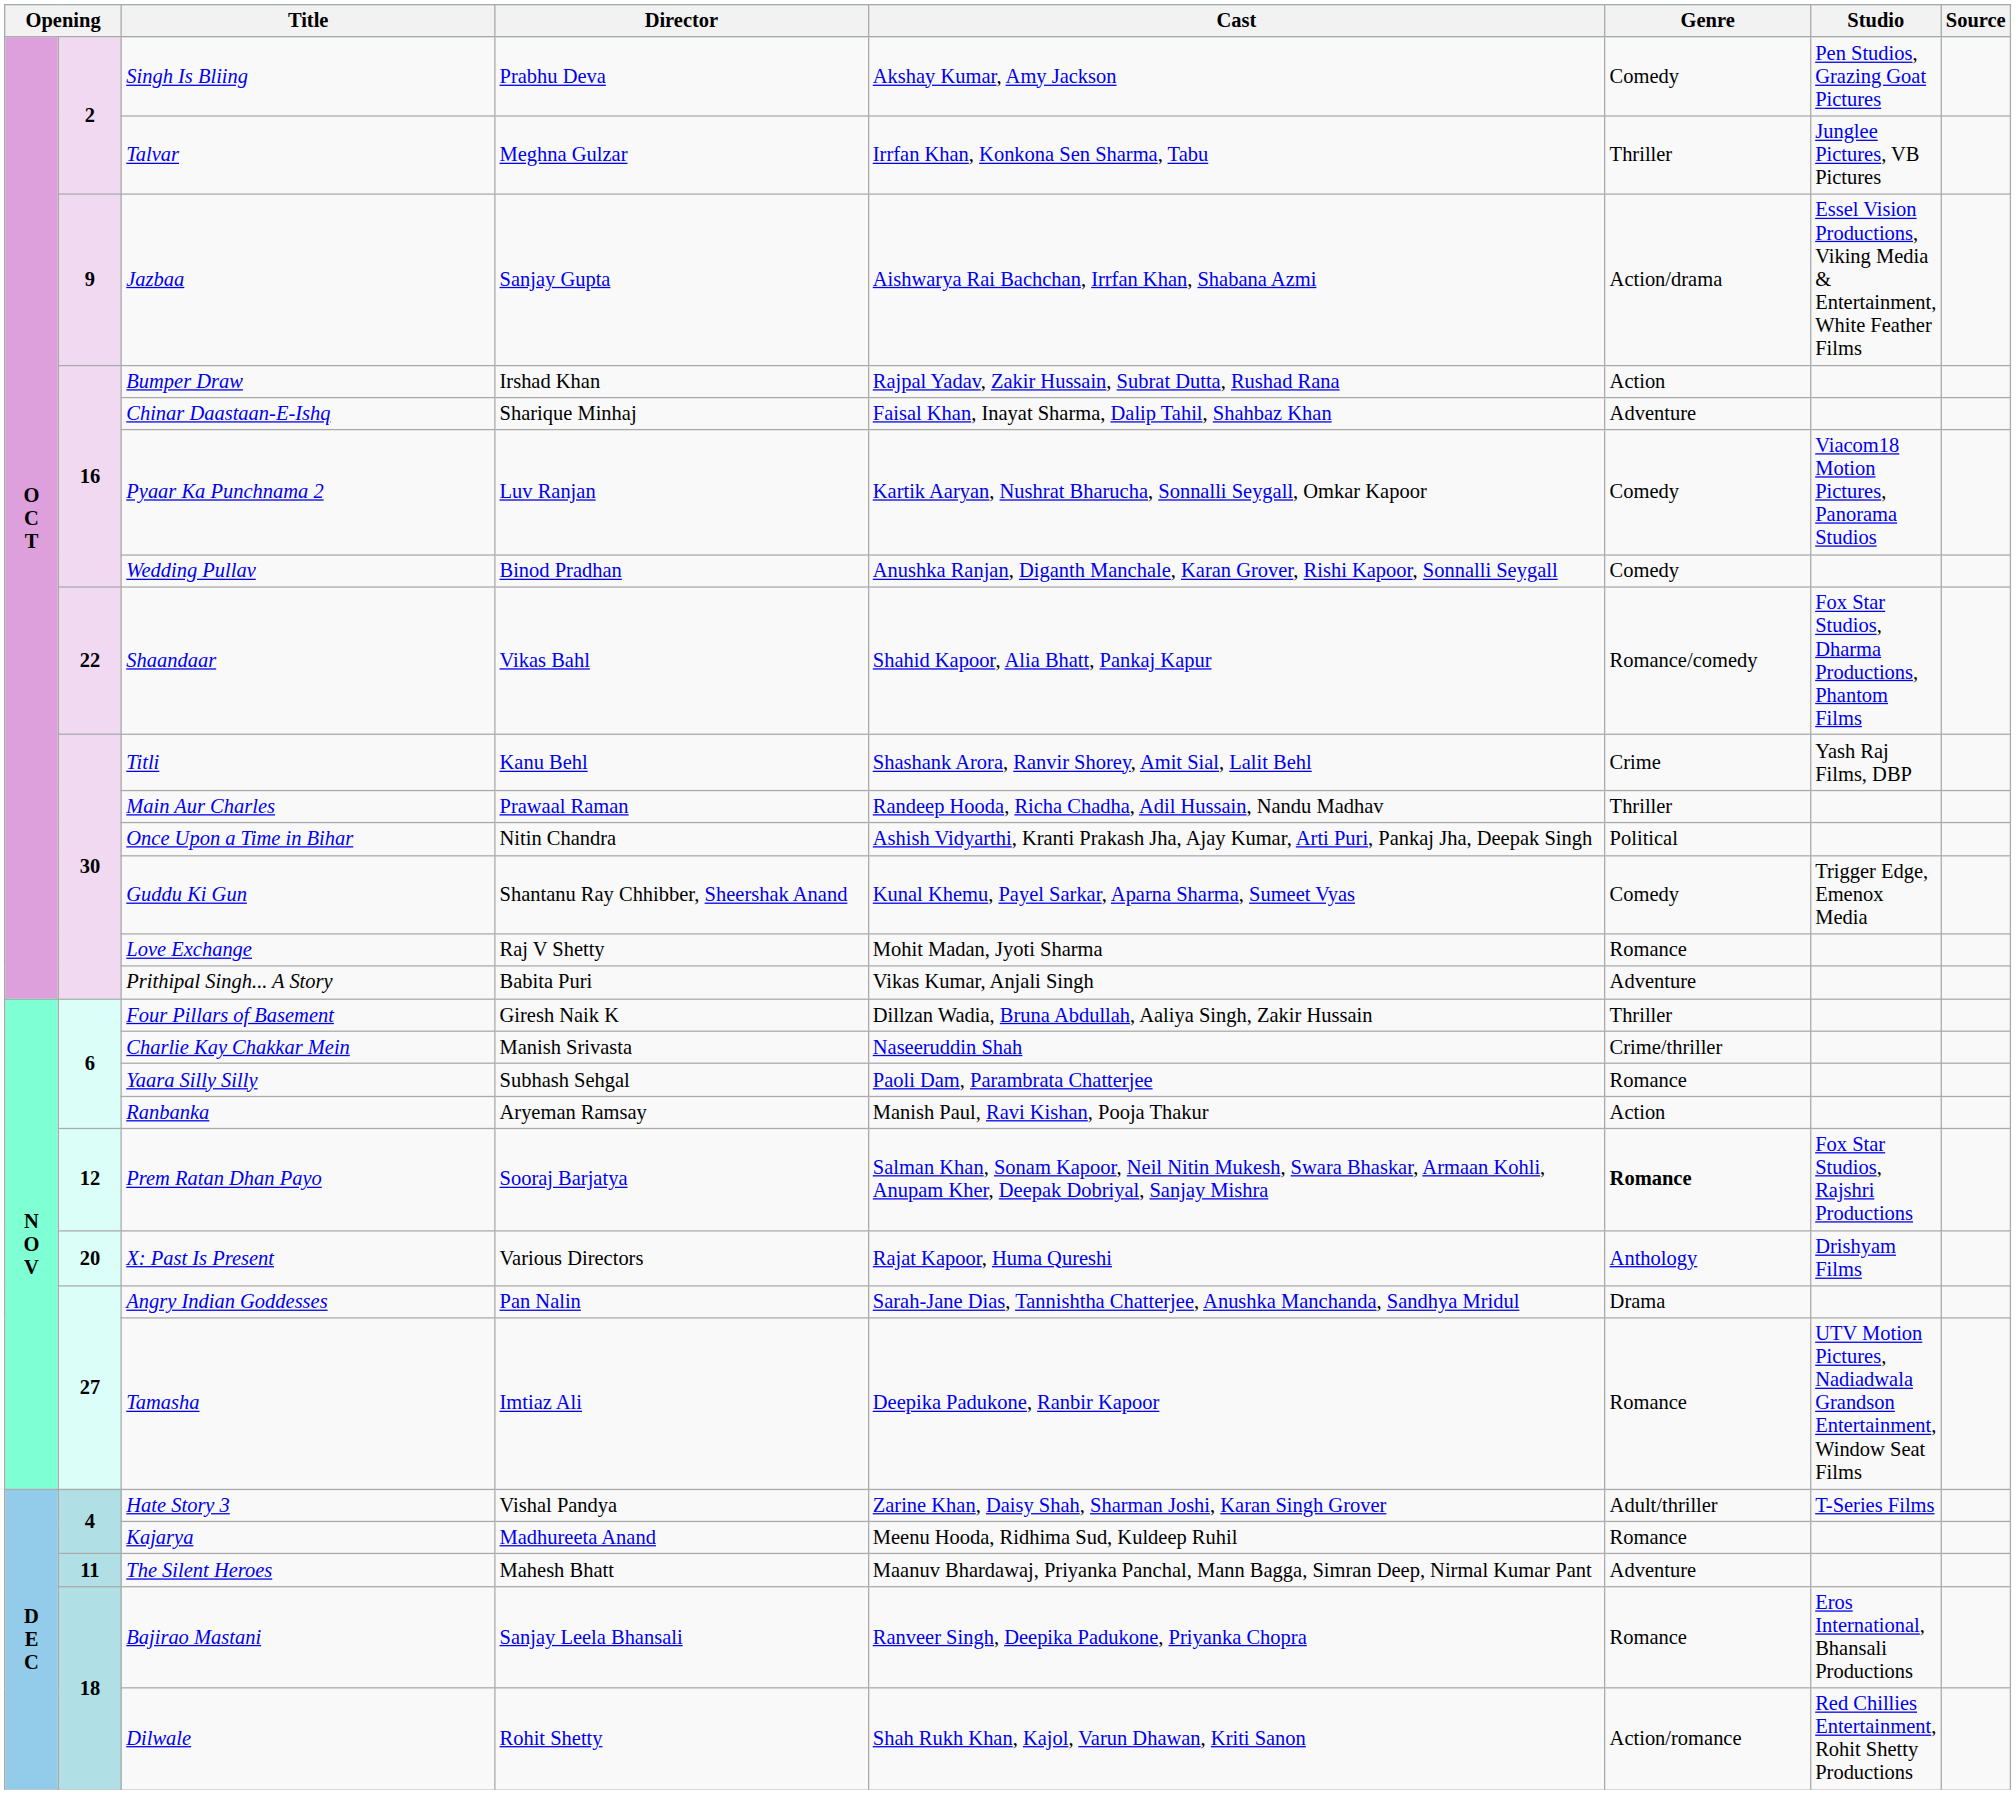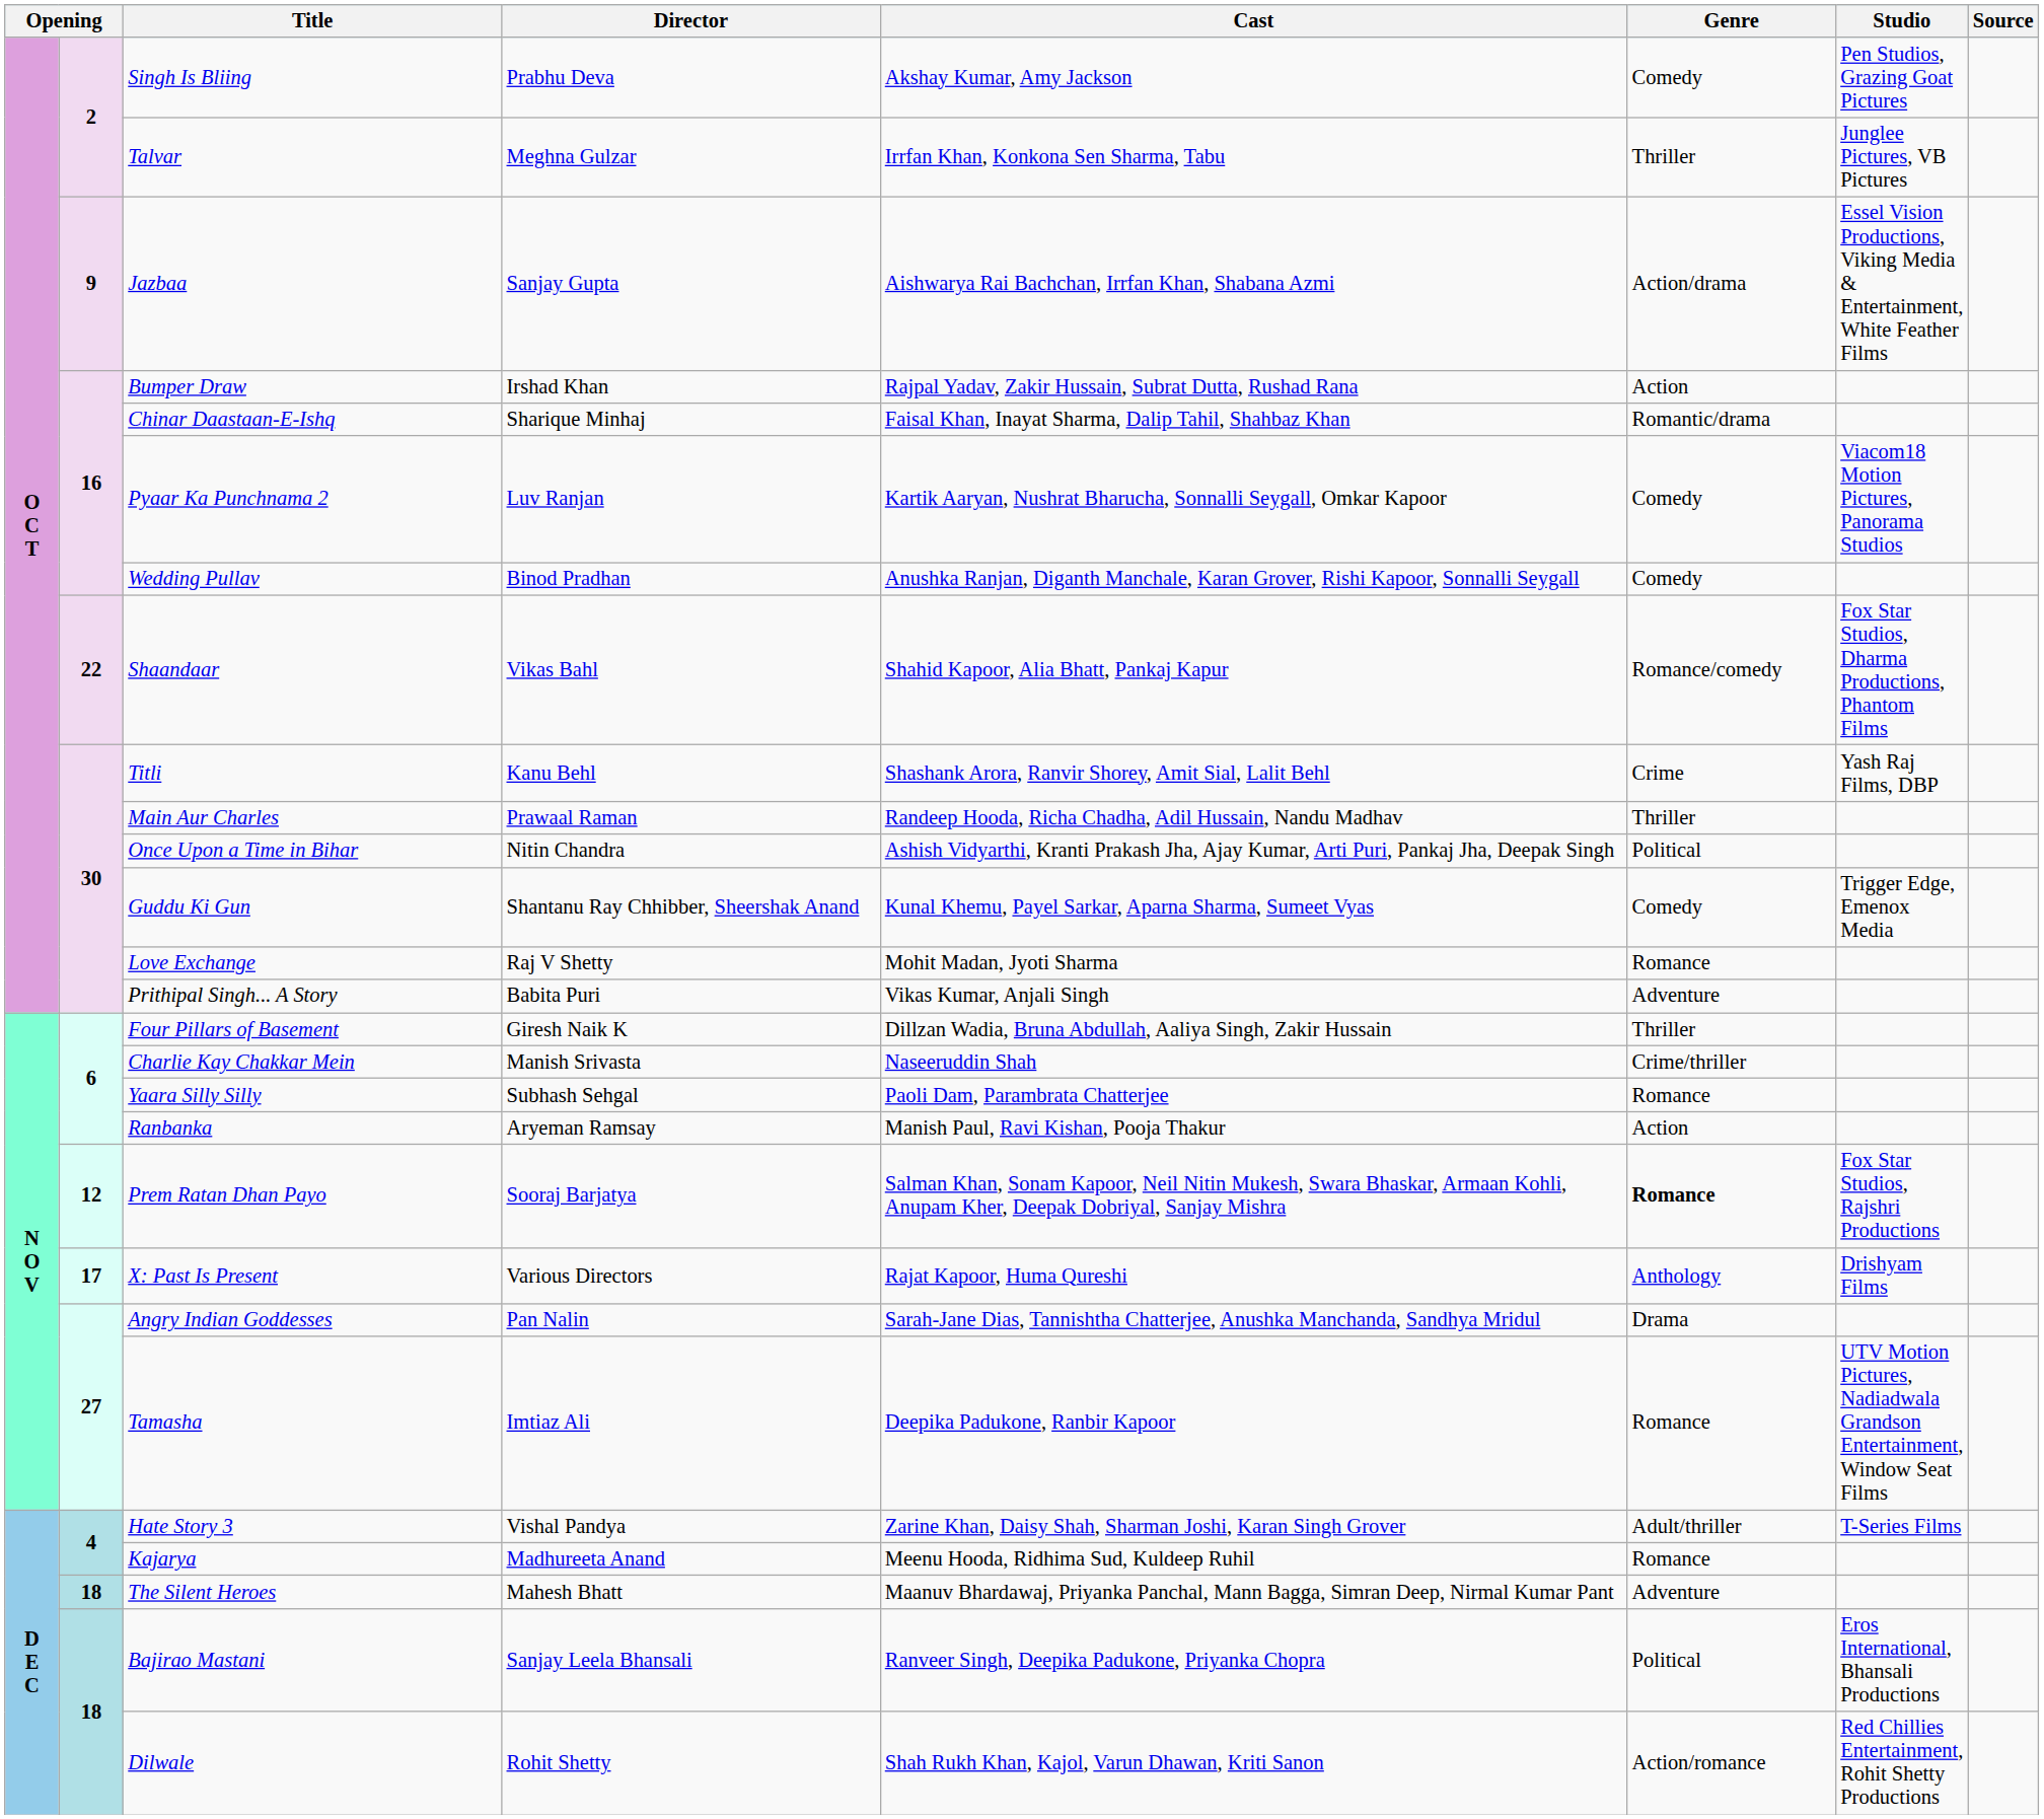 <table class="wikitable">
 <tr style="background:#b0e0e6; text-align:center;">
 <th colspan="2" style="width:6%;"><strong>Opening</strong></th>
 <th style="width:20%;"><strong>Title</strong></th>
 <th style="width:20%;"><strong>Director</strong></th>
 <th style="width:40%;"><strong>Cast</strong></th>
 <th style="width:10.5%;"><strong>Genre</strong></th>
 <th>Studio</th>
 <th>Source</th>
 </tr>
 <tr October>
 <td rowspan="14" style="text-align:center; background:plum; textcolor:#000;"><strong>O<br>C<br>T</strong></td>
 <td rowspan="2" style="text-align:center;background:#f1daf1;"><strong>2</strong></td>
 <td><em><a href='#'>Singh Is Bliing</a></em></td>
 <td><a href='#'>Prabhu Deva</a></td>
 <td><a href='#'>Akshay Kumar</a>, <a href='#'>Amy Jackson</a></td>
 <td>Comedy</td>
 <td><a href='#'>Pen Studios</a>, <a href='#'>Grazing Goat Pictures</a></td>
 <td></td>
 </tr>
 <tr>
 <td><em><a href='#'>Talvar</a></em></td>
 <td><a href='#'>Meghna Gulzar</a></td>
 <td><a href='#'>Irrfan Khan</a>, <a href='#'>Konkona Sen Sharma</a>, <a href='#'>Tabu</a></td>
 <td>Thriller</td>
 <td><a href='#'>Junglee Pictures</a>, VB Pictures</td>
 <td></td>
 </tr>
 <tr>
 <td rowspan="1" style="text-align:center;background:#f1daf1;"><strong>9</strong></td>
 <td><em><a href='#'>Jazbaa</a></em></td>
 <td><a href='#'>Sanjay Gupta</a></td>
 <td><a href='#'>Aishwarya Rai Bachchan</a>, <a href='#'>Irrfan Khan</a>, <a href='#'>Shabana Azmi</a></td>
 <td>Action/drama</td>
 <td><a href='#'>Essel Vision Productions</a>, Viking Media & Entertainment, White Feather Films</td>
 <td></td>
 </tr>
 <tr>
 <td rowspan="4" style="text-align:center;background:#f1daf1;"><strong>16</strong></td>
 <td><em><a href='#'>Bumper Draw</a></em></td>
 <td>Irshad Khan</td>
 <td><a href='#'>Rajpal Yadav</a>, <a href='#'>Zakir Hussain</a>, <a href='#'>Subrat Dutta</a>, <a href='#'>Rushad Rana</a></td>
 <td>Action</td>
 <td></td>
 <td></td>
 </tr>
 <tr>
 <td><em><a href='#'>Chinar Daastaan-E-Ishq</a></em></td>
 <td>Sharique Minhaj</td>
 <td><a href='#'>Faisal Khan</a>, Inayat Sharma, <a href='#'>Dalip Tahil</a>, <a href='#'>Shahbaz Khan</a></td>
-<td>Adventure</td>
+<td>Romantic/drama</td>
 <td></td>
 <td></td>
 </tr>
 <tr>
 <td><em><a href='#'>Pyaar Ka Punchnama 2</a></em></td>
 <td><a href='#'>Luv Ranjan</a></td>
 <td><a href='#'>Kartik Aaryan</a>, <a href='#'>Nushrat Bharucha</a>, <a href='#'>Sonnalli Seygall</a>, Omkar Kapoor</td>
 <td>Comedy</td>
 <td><a href='#'>Viacom18 Motion Pictures</a>, <a href='#'>Panorama Studios</a></td>
 <td></td>
 </tr>
 <tr>
 <td><em><a href='#'>Wedding Pullav</a></em></td>
 <td><a href='#'>Binod Pradhan</a></td>
 <td><a href='#'>Anushka Ranjan</a>, <a href='#'>Diganth Manchale</a>, <a href='#'>Karan Grover</a>, <a href='#'>Rishi Kapoor</a>, <a href='#'>Sonnalli Seygall</a></td>
 <td>Comedy</td>
 <td></td>
 <td></td>
 </tr>
 <tr>
 <td rowspan="1" style="text-align:center;background:#f1daf1;"><strong>22</strong></td>
 <td><em><a href='#'>Shaandaar</a></em></td>
 <td><a href='#'>Vikas Bahl</a></td>
 <td><a href='#'>Shahid Kapoor</a>, <a href='#'>Alia Bhatt</a>, <a href='#'>Pankaj Kapur</a></td>
 <td>Romance/comedy</td>
 <td><a href='#'>Fox Star Studios</a>, <a href='#'>Dharma Productions</a>, <a href='#'>Phantom Films</a></td>
 <td></td>
 </tr>
 <tr>
 <td rowspan="6" style="text-align:center;background:#f1daf1;"><strong>30</strong></td>
 <td><em><a href='#'>Titli</a></em></td>
 <td><a href='#'>Kanu Behl</a></td>
 <td><a href='#'>Shashank Arora</a>, <a href='#'>Ranvir Shorey</a>, <a href='#'>Amit Sial</a>, <a href='#'>Lalit Behl</a></td>
 <td>Crime</td>
 <td>Yash Raj Films, DBP</td>
 <td></td>
 </tr>
 <tr>
 <td><em><a href='#'>Main Aur Charles</a></em></td>
 <td><a href='#'>Prawaal Raman</a></td>
 <td><a href='#'>Randeep Hooda</a>, <a href='#'>Richa Chadha</a>, <a href='#'>Adil Hussain</a>, Nandu Madhav</td>
 <td>Thriller</td>
 <td></td>
 <td></td>
 </tr>
 <tr>
 <td><em><a href='#'>Once Upon a Time in Bihar</a></em></td>
 <td>Nitin Chandra</td>
 <td><a href='#'>Ashish Vidyarthi</a>, Kranti Prakash Jha, Ajay Kumar, <a href='#'>Arti Puri</a>, Pankaj Jha, Deepak Singh</td>
 <td>Political</td>
 <td></td>
 <td></td>
 </tr>
 <tr>
 <td><em><a href='#'>Guddu Ki Gun</a></em></td>
 <td>Shantanu Ray Chhibber, <a href='#'>Sheershak Anand</a></td>
 <td><a href='#'>Kunal Khemu</a>, <a href='#'>Payel Sarkar</a>, <a href='#'>Aparna Sharma</a>, <a href='#'>Sumeet Vyas</a></td>
 <td>Comedy</td>
 <td>Trigger Edge, Emenox Media</td>
 <td></td>
 </tr>
 <tr>
 <td><em><a href='#'>Love Exchange</a></em></td>
 <td>Raj V Shetty</td>
 <td>Mohit Madan, Jyoti Sharma</td>
 <td>Romance</td>
 <td></td>
 <td></td>
 </tr>
 <tr>
 <td><em>Prithipal Singh... A Story</em></td>
 <td>Babita Puri</td>
 <td>Vikas Kumar, Anjali Singh</td>
 <td>Adventure</td>
 <td></td>
 <td></td>
 </tr>
 <tr November>
 <td rowspan="8" style="text-align:center; background:#7FFFD4; textcolor:#000;"><strong>N<br>O<br>V</strong></td>
 <td rowspan="4" style="text-align:center;background:#DBFFF8;"><strong>6</strong></td>
 <td><em><a href='#'>Four Pillars of Basement</a></em></td>
 <td>Giresh Naik K</td>
 <td>Dillzan Wadia, <a href='#'>Bruna Abdullah</a>, Aaliya Singh, Zakir Hussain</td>
 <td>Thriller</td>
 <td></td>
 <td></td>
 </tr>
 <tr>
 <td><em><a href='#'>Charlie Kay Chakkar Mein</a></em></td>
 <td>Manish Srivasta</td>
 <td><a href='#'>Naseeruddin Shah</a></td>
 <td>Crime/thriller</td>
 <td></td>
 <td></td>
 </tr>
 <tr>
 <td><em><a href='#'>Yaara Silly Silly</a></em></td>
 <td>Subhash Sehgal</td>
 <td><a href='#'>Paoli Dam</a>, <a href='#'>Parambrata Chatterjee</a></td>
 <td>Romance</td>
 <td></td>
 <td></td>
 </tr>
 <tr>
 <td><em><a href='#'>Ranbanka</a></em></td>
 <td>Aryeman Ramsay</td>
 <td>Manish Paul, <a href='#'>Ravi Kishan</a>, Pooja Thakur</td>
 <td>Action</td>
 <td></td>
 <td></td>
 </tr>
 <tr>
 <td rowspan="1" style="text-align:center;background:#DBFFF8;"><strong>12</strong></td>
 <td><em><a href='#'>Prem Ratan Dhan Payo</a></em></td>
 <td><a href='#'>Sooraj Barjatya</a></td>
 <td><a href='#'>Salman Khan</a>, <a href='#'>Sonam Kapoor</a>, <a href='#'>Neil Nitin Mukesh</a>, <a href='#'>Swara Bhaskar</a>, <a href='#'>Armaan Kohli</a>, <a href='#'>Anupam Kher</a>, <a href='#'>Deepak Dobriyal</a>, <a href='#'>Sanjay Mishra</a></td>
 <td><strong>Romance</strong></td>
 <td><a href='#'>Fox Star Studios</a>, <a href='#'>Rajshri Productions</a></td>
 <td></td>
 </tr>
 <tr>
-<td rowspan="1" style="text-align:center;background:#DBFFF8;"><strong>20</strong></td>
+<td rowspan="1" style="text-align:center;background:#DBFFF8;"><strong>17</strong></td>
 <td><em><a href='#'>X: Past Is Present</a></em></td>
 <td>Various Directors</td>
 <td><a href='#'>Rajat Kapoor</a>, <a href='#'>Huma Qureshi</a></td>
 <td><a href='#'>Anthology</a></td>
 <td><a href='#'>Drishyam Films</a></td>
 <td></td>
 </tr>
 <tr>
 <td rowspan="2" style="text-align:center;background:#DBFFF8;"><strong>27</strong></td>
 <td><em><a href='#'>Angry Indian Goddesses</a></em></td>
 <td><a href='#'>Pan Nalin</a></td>
 <td><a href='#'>Sarah-Jane Dias</a>, <a href='#'>Tannishtha Chatterjee</a>, <a href='#'>Anushka Manchanda</a>, <a href='#'>Sandhya Mridul</a></td>
 <td>Drama</td>
 <td></td>
 <td></td>
 </tr>
 <tr>
 <td><em><a href='#'>Tamasha</a></em></td>
 <td><a href='#'>Imtiaz Ali</a></td>
 <td><a href='#'>Deepika Padukone</a>, <a href='#'>Ranbir Kapoor</a></td>
 <td>Romance</td>
 <td><a href='#'>UTV Motion Pictures</a>, <a href='#'>Nadiadwala Grandson Entertainment</a>, Window Seat Films</td>
 <td></td>
 </tr>
 <tr December>
 <td rowspan="5" style="text-align:center; background:#93CCEA; textcolor:#000;"><strong>D<br>E<br>C</strong></td>
 <td rowspan="2" style="text-align:center;background:#B0E0E6;"><strong>4</strong></td>
 <td><em><a href='#'>Hate Story 3</a></em></td>
 <td>Vishal Pandya</td>
 <td><a href='#'>Zarine Khan</a>, <a href='#'>Daisy Shah</a>, <a href='#'>Sharman Joshi</a>, <a href='#'>Karan Singh Grover</a></td>
 <td>Adult/thriller</td>
 <td><a href='#'>T-Series Films</a></td>
 <td></td>
 </tr>
 <tr>
 <td><em><a href='#'>Kajarya</a></em></td>
 <td><a href='#'>Madhureeta Anand</a></td>
 <td>Meenu Hooda, Ridhima Sud, Kuldeep Ruhil</td>
 <td>Romance</td>
 <td></td>
 <td></td>
 </tr>
 <tr>
-<td rowspan="1" style="text-align:center;background:#B0E0E6;"><strong>11</strong></td>
+<td rowspan="1" style="text-align:center;background:#B0E0E6;"><strong>18</strong></td>
 <td><em><a href='#'>The Silent Heroes</a></em></td>
 <td>Mahesh Bhatt</td>
 <td>Maanuv Bhardawaj, Priyanka Panchal, Mann Bagga, Simran Deep, Nirmal Kumar Pant</td>
 <td>Adventure</td>
 <td></td>
 <td></td>
 </tr>
 <tr>
 <td rowspan="2" style="text-align:center;background:#B0E0E6;"><strong>18</strong></td>
 <td><em><a href='#'>Bajirao Mastani</a></em></td>
 <td><a href='#'>Sanjay Leela Bhansali</a></td>
 <td><a href='#'>Ranveer Singh</a>, <a href='#'>Deepika Padukone</a>, <a href='#'>Priyanka Chopra</a></td>
-<td>Romance</td>
+<td>Political</td>
 <td><a href='#'>Eros International</a>, Bhansali Productions</td>
 <td></td>
 </tr>
 <tr>
 <td><em><a href='#'>Dilwale</a></em></td>
 <td><a href='#'>Rohit Shetty</a></td>
 <td><a href='#'>Shah Rukh Khan</a>, <a href='#'>Kajol</a>, <a href='#'>Varun Dhawan</a>, <a href='#'>Kriti Sanon</a></td>
 <td>Action/romance</td>
 <td><a href='#'>Red Chillies Entertainment</a>, Rohit Shetty Productions</td>
 <td></td>
 </tr>
 </table>
